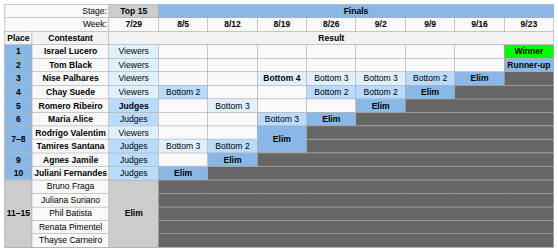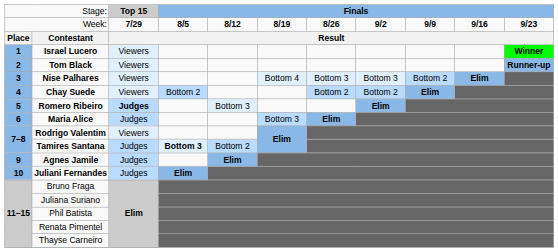 <table class="wikitable" style="margin:1em auto; text-align:center; font-size:85%">
 <tr>
 <td align="right" colspan=2>Stage:</td>
 <td bgcolor="CCCCCC" colspan=1><strong>Top 15</strong></td>
 <td bgcolor="8AB8E6" colspan=8><strong>Finals</strong></td>
 </tr>
 <tr>
 <td align="right" colspan=2>Week:</td>
 <td width=09%><strong>7/29</strong></td>
 <td width=09%><strong>8/5</strong></td>
 <td width=09%><strong>8/12</strong></td>
 <td width=09%><strong>8/19</strong></td>
 <td width=09%><strong>8/26</strong></td>
 <td width=09%><strong>9/2</strong></td>
 <td width=09%><strong>9/9</strong></td>
 <td width=09%><strong>9/16</strong></td>
 <td width=09%><strong>9/23</strong></td>
 </tr>
 <tr>
 <th>Place</th>
 <th>Contestant</th>
 <th align="center" colspan=9>Result</th>
 </tr>
 <tr>
 <td bgcolor="8AB8E6"><strong>1</strong></td>
 <td><strong>Israel Lucero</strong></td>
 <td bgcolor="E0F0FF">Viewers</td>
 <td></td>
 <td></td>
 <td></td>
 <td></td>
 <td></td>
 <td></td>
 <td></td>
 <td bgcolor="00FF00"><strong>Winner</strong></td>
 </tr>
 <tr>
 <td bgcolor="8AB8E6"><strong>2</strong></td>
 <td><strong>Tom Black</strong></td>
 <td bgcolor="E0F0FF">Viewers</td>
 <td></td>
 <td></td>
 <td></td>
 <td></td>
 <td></td>
 <td></td>
 <td></td>
 <td bgcolor="8AB8E6"><strong>Runner-up</strong></td>
 </tr>
 <tr>
 <td bgcolor="8AB8E6"><strong>3</strong></td>
 <td><strong>Nise Palhares</strong></td>
 <td bgcolor="E0F0FF">Viewers</td>
 <td></td>
 <td></td>
-<td bgcolor="E0F0FF"><strong>Bottom 4</strong></td>
+<td bgcolor="E0F0FF">Bottom 4</td>
 <td bgcolor="E0F0FF">Bottom 3</td>
 <td bgcolor="E0F0FF">Bottom 3</td>
 <td bgcolor="B8DBFF">Bottom 2</td>
 <td bgcolor="8AB8E6"><strong>Elim</strong></td>
 <td bgcolor="666666" colspan=1></td>
 </tr>
 <tr>
 <td bgcolor="8AB8E6"><strong>4</strong></td>
 <td><strong>Chay Suede</strong></td>
 <td bgcolor="E0F0FF">Viewers</td>
 <td bgcolor="B8DBFF">Bottom 2</td>
 <td></td>
 <td></td>
 <td bgcolor="B8DBFF">Bottom 2</td>
 <td bgcolor="B8DBFF">Bottom 2</td>
 <td bgcolor="8AB8E6"><strong>Elim</strong></td>
 <td bgcolor="666666" colspan=2></td>
 </tr>
 <tr>
 <td bgcolor="8AB8E6"><strong>5</strong></td>
 <td><strong>Romero Ribeiro</strong></td>
 <td bgcolor="B8DBFF"><strong>Judges</strong></td>
 <td></td>
 <td bgcolor="E0F0FF">Bottom 3</td>
 <td></td>
 <td></td>
 <td bgcolor="8AB8E6"><strong>Elim</strong></td>
 <td bgcolor="666666" colspan=3></td>
 </tr>
 <tr>
 <td bgcolor="8AB8E6"><strong>6</strong></td>
 <td><strong>Maria Alice</strong></td>
 <td bgcolor="B8DBFF">Judges</td>
 <td></td>
 <td></td>
 <td bgcolor="B8DBFF">Bottom 3</td>
 <td bgcolor="8AB8E6"><strong>Elim</strong></td>
 <td bgcolor="666666" colspan=4></td>
 </tr>
 <tr>
 <td bgcolor="8AB8E6" rowspan=2><strong>7–8</strong></td>
 <td><strong>Rodrigo Valentim</strong></td>
 <td bgcolor="E0F0FF">Viewers</td>
 <td></td>
 <td></td>
 <td bgcolor="8AB8E6" rowspan=2><strong>Elim</strong></td>
 <td bgcolor="666666" colspan=5></td>
 </tr>
 <tr>
 <td><strong>Tamires Santana</strong></td>
 <td bgcolor="B8DBFF">Judges</td>
-<td bgcolor="E0F0FF">Bottom 3</td>
+<td bgcolor="E0F0FF"><strong>Bottom 3</strong></td>
 <td bgcolor="B8DBFF">Bottom 2</td>
 <td bgcolor="666666" colspan=5></td>
 </tr>
 <tr>
 <td bgcolor="8AB8E6"><strong>9</strong></td>
 <td><strong>Agnes Jamile</strong></td>
 <td bgcolor="B8DBFF">Judges</td>
 <td></td>
 <td bgcolor="8AB8E6"><strong>Elim</strong></td>
 <td bgcolor="666666" colspan=6></td>
 </tr>
 <tr>
 <td bgcolor="8AB8E6"><strong>10</strong></td>
 <td><strong>Juliani Fernandes</strong></td>
 <td bgcolor="B8DBFF">Judges</td>
 <td bgcolor="8AB8E6"><strong>Elim</strong></td>
 <td bgcolor="666666" colspan=7></td>
 </tr>
 <tr>
 <td rowspan=5 bgcolor="CCCCCC"><strong>11–15</strong></td>
 <td>Bruno Fraga</td>
 <td rowspan=5 bgcolor="CCCCCC"><strong>Elim</strong></td>
 <td bgcolor="666666" colspan=8></td>
 </tr>
 <tr>
 <td>Juliana Suriano</td>
 <td bgcolor="666666" colspan=8></td>
 </tr>
 <tr>
 <td>Phil Batista</td>
 <td bgcolor="666666" colspan=8></td>
 </tr>
 <tr>
 <td>Renata Pimentel</td>
 <td bgcolor="666666" colspan=8></td>
 </tr>
 <tr>
 <td>Thayse Carneiro</td>
 <td bgcolor="666666" colspan=8></td>
 </tr>
 <tr>
 </tr>
 </table>
